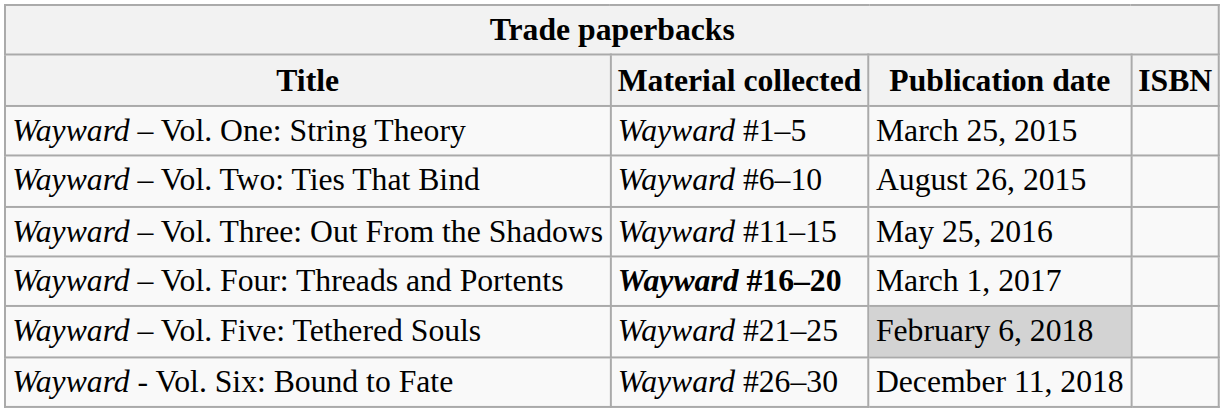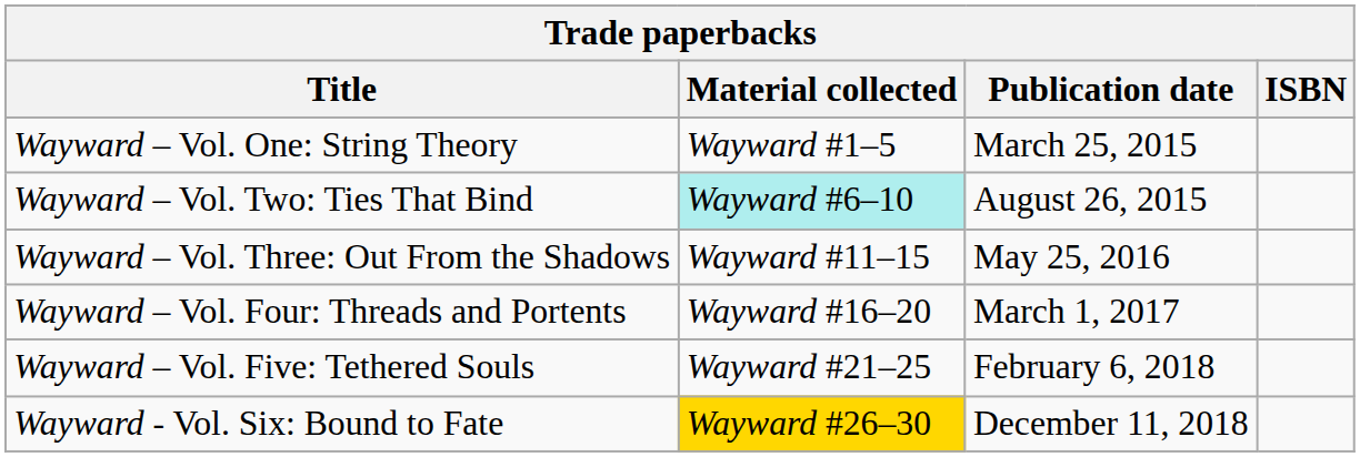 <table class="wikitable">
 <tr>
 <th colspan=4>Trade paperbacks</th>
 </tr>
 <tr>
 <th>Title</th>
 <th>Material collected</th>
 <th>Publication date</th>
 <th>ISBN</th>
 </tr>
 <tr>
 <td><em>Wayward</em> – Vol. One: String Theory</td>
 <td><em>Wayward</em> #1–5</td>
 <td>March 25, 2015</td>
 <td></td>
 </tr>
 <tr>
 <td><em>Wayward</em> – Vol. Two: Ties That Bind</td>
-<td><em>Wayward</em> #6–10</td>
+<td style="background: paleturquoise;"><em>Wayward</em> #6–10</td>
 <td>August 26, 2015</td>
 <td></td>
 </tr>
 <tr>
 <td><em>Wayward</em> – Vol. Three: Out From the Shadows</td>
 <td><em>Wayward</em> #11–15</td>
 <td>May 25, 2016</td>
 <td></td>
 </tr>
 <tr>
 <td><em>Wayward</em> – Vol. Four: Threads and Portents</td>
-<td><strong><em>Wayward</em> #16–20</strong></td>
+<td><em>Wayward</em> #16–20</td>
 <td>March 1, 2017</td>
 <td></td>
 </tr>
 <tr>
 <td><em>Wayward</em> – Vol. Five: Tethered Souls</td>
 <td><em>Wayward</em> #21–25</td>
-<td style="background: lightgrey;">February 6, 2018</td>
+<td>February 6, 2018</td>
 <td></td>
 </tr>
 <tr>
 <td><em>Wayward</em> - Vol. Six: Bound to Fate</td>
-<td><em>Wayward</em> #26–30</td>
+<td style="background: gold;"><em>Wayward</em> #26–30</td>
 <td>December 11, 2018</td>
 <td></td>
 </tr>
 </table>
